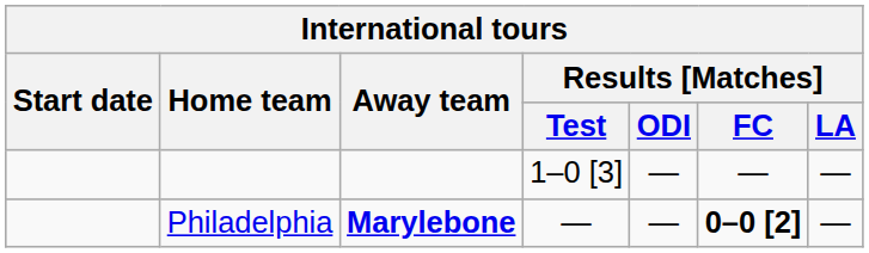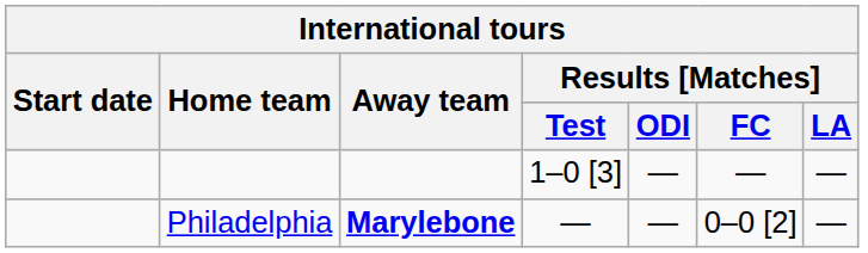 <table class="wikitable">
 <tr>
 <th colspan="7">International tours</th>
 </tr>
 <tr>
 <th rowspan="2">Start date</th>
 <th rowspan="2">Home team</th>
 <th rowspan="2">Away team</th>
 <th colspan="4">Results [Matches]</th>
 </tr>
 <tr>
 <th><a href='#'>Test</a></th>
 <th><a href='#'>ODI</a></th>
 <th><a href='#'>FC</a></th>
 <th><a href='#'>LA</a></th>
 </tr>
 <tr>
 <td><a href='#'></a></td>
 <td></td>
 <td></td>
 <td>1–0 [3]</td>
 <td ; style="text-align:center">—</td>
 <td ; style="text-align:center">—</td>
 <td ; style="text-align:center">—</td>
 </tr>
 <tr>
 <td><a href='#'></a></td>
 <td> <a href='#'>Philadelphia</a></td>
 <td><strong><a href='#'>Marylebone</a></strong></td>
 <td ; style="text-align:center">—</td>
 <td ; style="text-align:center">—</td>
-<td><strong>0–0 [2]</strong></td>
+<td>0–0 [2]</td>
 <td ; style="text-align:center">—</td>
 </tr>
 </table>
